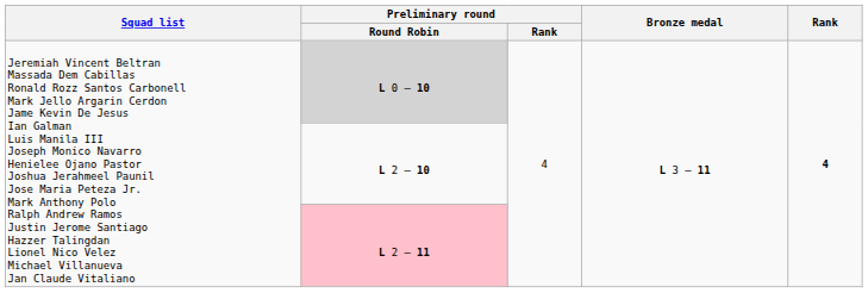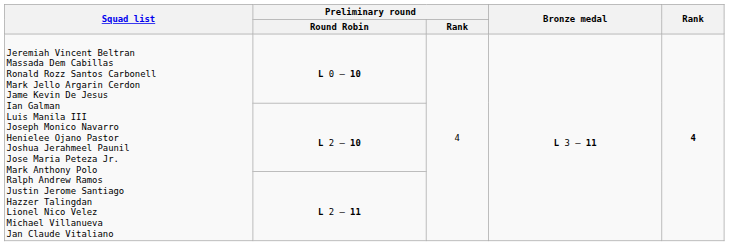 <table class="wikitable" width="75%" style="text-align:left; font-size:90%">
 <tr>
 <th rowspan="2" width="20%"><a href='#'>Squad list</a></th>
 <th colspan="2">Preliminary round</th>
 <th rowspan="2" width="14%">Bronze medal</th>
 <th rowspan="2" width="5%">Rank</th>
 </tr>
 <tr>
 <th width="14%">Round Robin</th>
 <th width="5%">Rank</th>
 </tr>
 <tr>
 <td rowspan="3"><br>Jeremiah Vincent Beltran<br> Massada Dem Cabillas <br> Ronald Rozz Santos Carbonell<br> Mark Jello Argarin Cerdon<br> Jame Kevin De Jesus<br> Ian Galman<br> Luis Manila III<br> Joseph Monico Navarro<br> Henielee Ojano Pastor<br> Joshua Jerahmeel Paunil<br> Jose Maria Peteza Jr.<br> Mark Anthony Polo <br> Ralph Andrew Ramos<br> Justin Jerome Santiago<br> Hazzer Talingdan<br> Lionel Nico Velez<br> Michael Villanueva<br> Jan Claude Vitaliano</td>
-<td align=center style="background: lightgrey;"><br><strong>L</strong> 0 – <strong>10</strong></td>
+<td align=center><br><strong>L</strong> 0 – <strong>10</strong></td>
 <td rowspan=3 align=center>4 <strong></strong></td>
 <td rowspan=3 align=center><br><strong>L</strong> 3 – <strong>11</strong></td>
 <td rowspan=3 align=center><strong>4</strong></td>
 </tr>
 <tr>
 <td align=center><br><strong>L</strong> 2 – <strong>10</strong></td>
 </tr>
 <tr>
-<td align=center style="background: pink;"><br><strong>L</strong> 2 – <strong>11</strong></td>
+<td align=center><br><strong>L</strong> 2 – <strong>11</strong></td>
 </tr>
 </table>
